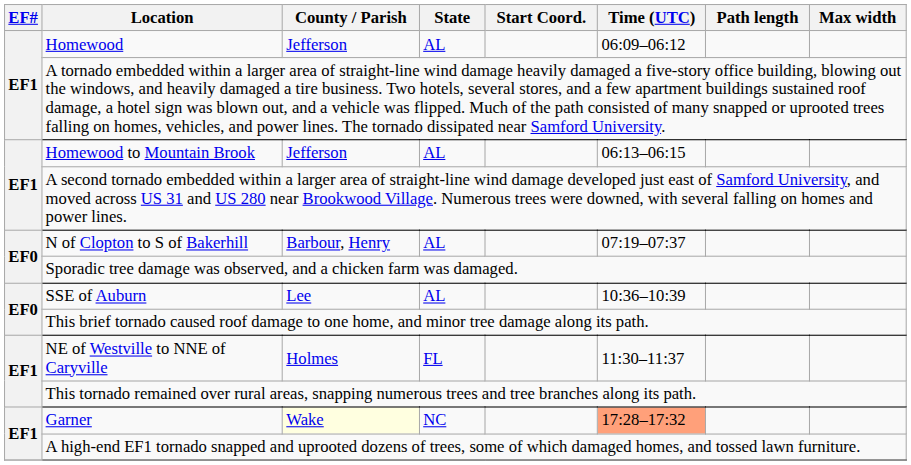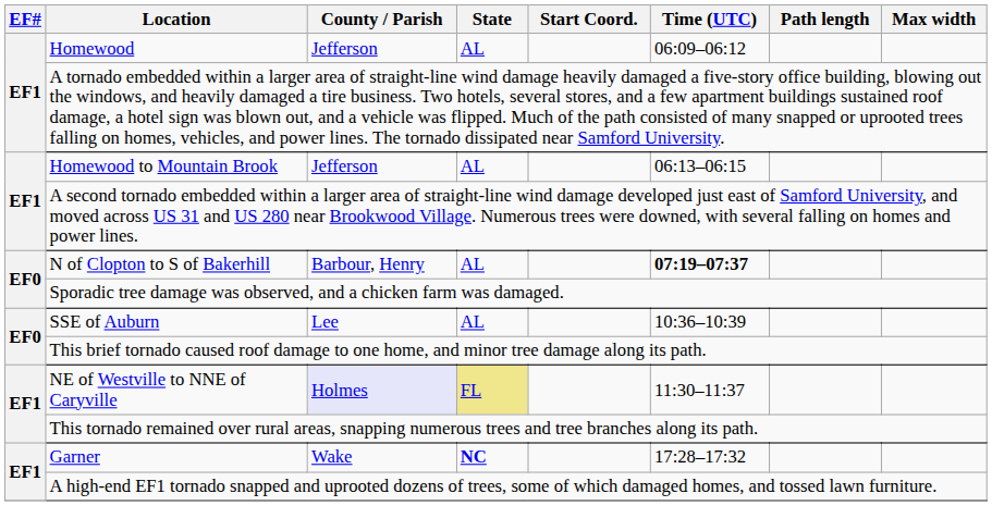 <table class="wikitable sortable">
 <tr>
 <th scope="col" width="2%" align="center"><a href='#'>EF#</a></th>
 <th scope="col" align="center" class="unsortable">Location</th>
 <th scope="col" align="center" class="unsortable">County / Parish</th>
 <th scope="col" align="center">State</th>
 <th scope="col" align="center">Start Coord.</th>
 <th scope="col" align="center">Time (<a href='#'>UTC</a>)</th>
 <th scope="col" align="center">Path length</th>
 <th scope="col" align="center">Max width</th>
 </tr>
 <tr>
 <th scope="row" rowspan="2" style="background-color:#">EF1</th>
 <td><a href='#'>Homewood</a></td>
 <td><a href='#'>Jefferson</a></td>
 <td><a href='#'>AL</a></td>
 <td></td>
 <td>06:09–06:12</td>
 <td></td>
 <td></td>
 </tr>
 <tr class="expand-child">
 <td colspan="8" style=" border-bottom: 1px solid black;">A tornado embedded within a larger area of straight-line wind damage heavily damaged a five-story office building, blowing out the windows, and heavily damaged a tire business. Two hotels, several stores, and a few apartment buildings sustained roof damage, a hotel sign was blown out, and a vehicle was flipped. Much of the path consisted of many snapped or uprooted trees falling on homes, vehicles, and power lines. The tornado dissipated near <a href='#'>Samford University</a>.</td>
 </tr>
 <tr>
 <th scope="row" rowspan="2" style="background-color:#">EF1</th>
 <td><a href='#'>Homewood</a> to <a href='#'>Mountain Brook</a></td>
 <td><a href='#'>Jefferson</a></td>
 <td><a href='#'>AL</a></td>
 <td></td>
 <td>06:13–06:15</td>
 <td></td>
 <td></td>
 </tr>
 <tr class="expand-child">
 <td colspan="8" style=" border-bottom: 1px solid black;">A second tornado embedded within a larger area of straight-line wind damage developed just east of <a href='#'>Samford University</a>, and moved across <a href='#'>US 31</a> and <a href='#'>US 280</a> near <a href='#'>Brookwood Village</a>. Numerous trees were downed, with several falling on homes and power lines.</td>
 </tr>
 <tr>
 <th scope="row" rowspan="2" style="background-color:#">EF0</th>
 <td>N of <a href='#'>Clopton</a> to S of <a href='#'>Bakerhill</a></td>
 <td><a href='#'>Barbour</a>, <a href='#'>Henry</a></td>
 <td><a href='#'>AL</a></td>
 <td></td>
-<td>07:19–07:37</td>
+<td><strong>07:19–07:37</strong></td>
 <td></td>
 <td></td>
 </tr>
 <tr class="expand-child">
 <td colspan="8" style=" border-bottom: 1px solid black;">Sporadic tree damage was observed, and a chicken farm was damaged.</td>
 </tr>
 <tr>
 <th scope="row" rowspan="2" style="background-color:#">EF0</th>
 <td>SSE of <a href='#'>Auburn</a></td>
 <td><a href='#'>Lee</a></td>
 <td><a href='#'>AL</a></td>
 <td></td>
 <td>10:36–10:39</td>
 <td></td>
 <td></td>
 </tr>
 <tr class="expand-child">
 <td colspan="8" style=" border-bottom: 1px solid black;">This brief tornado caused roof damage to one home, and minor tree damage along its path.</td>
 </tr>
 <tr>
 <th scope="row" rowspan="2" style="background-color:#">EF1</th>
 <td>NE of <a href='#'>Westville</a> to NNE of <a href='#'>Caryville</a></td>
-<td><a href='#'>Holmes</a></td>
-<td><a href='#'>FL</a></td>
+<td style="background: lavender;"><a href='#'>Holmes</a></td>
+<td style="background: khaki;"><a href='#'>FL</a></td>
 <td></td>
 <td>11:30–11:37</td>
 <td></td>
 <td></td>
 </tr>
 <tr class="expand-child">
 <td colspan="8" style=" border-bottom: 1px solid black;">This tornado remained over rural areas, snapping numerous trees and tree branches along its path.</td>
 </tr>
 <tr>
 <th scope="row" rowspan="2" style="background-color:#">EF1</th>
 <td><a href='#'>Garner</a></td>
-<td style="background: lightyellow;"><a href='#'>Wake</a></td>
-<td><a href='#'>NC</a></td>
+<td><a href='#'>Wake</a></td>
+<td><strong><a href='#'>NC</a></strong></td>
 <td></td>
-<td style="background: lightsalmon;">17:28–17:32</td>
+<td>17:28–17:32</td>
 <td></td>
 <td></td>
 </tr>
 <tr class="expand-child">
 <td colspan="8" style=" border-bottom: 1px solid black;">A high-end EF1 tornado snapped and uprooted dozens of trees, some of which damaged homes, and tossed lawn furniture.</td>
 </tr>
 <tr>
 </tr>
 </table>
